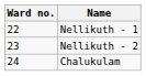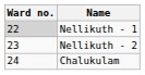 <table class="wikitable">
 <tr>
 <th>Ward no.</th>
 <th>Name</th>
 </tr>
 <tr>
-<td>22</td>
+<td style="background: lightgrey;">22</td>
 <td>Nellikuth - 1</td>
 </tr>
 <tr>
 <td>23</td>
 <td>Nellikuth - 2</td>
 </tr>
 <tr>
 <td>24</td>
 <td>Chalukulam</td>
 </tr>
 </table>
